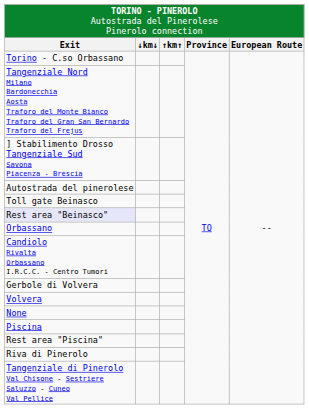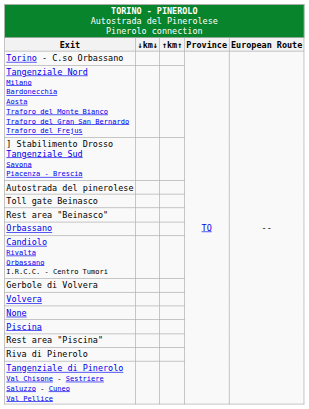 <table class="wikitable" border="1">
 <tr>
 </tr>
 <tr align="center" bgcolor="08842C" style="color: white;font-size:100%;">
 <td colspan="6"><strong> TORINO - PINEROLO</strong><br>Autostrada del Pinerolese<br>Pinerolo connection</td>
 </tr>
 <tr>
 <th style="text-align:center;"><strong>Exit</strong></th>
 <th style="text-align:center;"><strong>↓km↓</strong></th>
 <th style="text-align:center;"><strong>↑km↑</strong></th>
 <th align="center"><strong>Province</strong></th>
 <th align="center"><strong>European Route</strong></th>
 </tr>
 <tr>
 <td> <a href='#'>Torino</a> - C.so Orbassano</td>
 <td align="right"></td>
 <td align="right"></td>
 <td rowspan=15 align="center"><a href='#'>TO</a></td>
 <td rowspan=15 align="center">--</td>
 </tr>
 <tr>
 <td>  <a href='#'>Tangenziale Nord</a><br><small>  <a href='#'>Milano</a> </small><br><small>  <a href='#'>Bardonecchia</a> </small><br><small>  <a href='#'>Aosta</a> </small><br><small> <a href='#'>Traforo del Monte Bianco</a></small><br><small> <a href='#'>Traforo del Gran San Bernardo</a></small><br><small> <a href='#'>Traforo del Frejus</a></small></td>
 <td align="right"></td>
 <td align="right"></td>
 </tr>
 <tr>
 <td>]  Stabilimento Drosso<br> <a href='#'>Tangenziale Sud</a><br><small>  <a href='#'>Savona</a> </small><br><small>  <a href='#'>Piacenza - Brescia</a> </small></td>
 <td align="right"></td>
 <td align="right"></td>
 </tr>
 <tr>
 <td> Autostrada del pinerolese</td>
 <td align="right"></td>
 <td align="right"></td>
 </tr>
 <tr>
 <td> Toll gate Beinasco</td>
 <td align="right"></td>
 <td align="right"></td>
 </tr>
 <tr>
-<td style="background: lavender;"> Rest area "Beinasco"</td>
+<td> Rest area "Beinasco"</td>
 <td align="right"></td>
 <td align="right"></td>
 </tr>
 <tr>
 <td> <a href='#'>Orbassano</a></td>
 <td align="right"></td>
 <td align="right"></td>
 </tr>
 <tr>
 <td> <a href='#'>Candiolo</a><br><small><a href='#'>Rivalta</a></small><br><small> <a href='#'>Orbassano</a></small><br><small> I.R.C.C. - Centro Tumori </small><br></td>
 <td align="right"></td>
 <td align="right"></td>
 </tr>
 <tr>
 <td> Gerbole di Volvera</td>
 <td align="right"></td>
 <td align="right"></td>
 </tr>
 <tr>
 <td> <a href='#'>Volvera</a></td>
 <td align="right"></td>
 <td align="right"></td>
 </tr>
 <tr>
 <td> <a href='#'>None</a></td>
 <td align="right"></td>
 <td align="right"></td>
 </tr>
 <tr>
 <td> <a href='#'>Piscina</a></td>
 <td align="right"></td>
 <td align="right"></td>
 </tr>
 <tr>
 <td> Rest area "Piscina"</td>
 <td align="right"></td>
 <td align="right"></td>
 </tr>
 <tr>
 <td> Riva di Pinerolo</td>
 <td align="right"></td>
 <td align="right"></td>
 </tr>
 <tr>
 <td>  <a href='#'>Tangenziale di Pinerolo</a><br><small>  <a href='#'>Val Chisone</a> - <a href='#'>Sestriere</a><br> <a href='#'>Saluzzo</a> - <a href='#'>Cuneo</a><br> <a href='#'>Val Pellice</a></small></td>
 <td align="right"></td>
 <td align="right"></td>
 </tr>
 </table>
